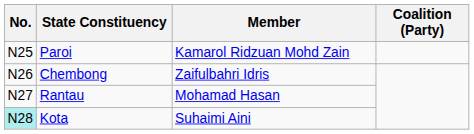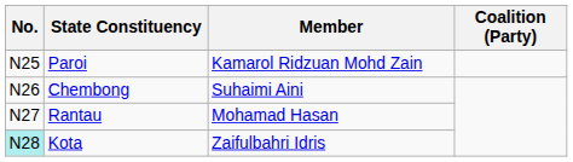 <table class="wikitable">
 <tr>
 <th width="30">No.</th>
 <th width="150">State Constituency</th>
 <th width="230">Member</th>
 <th width="100">Coalition (Party)</th>
 </tr>
 <tr>
 <td>N25</td>
 <td><a href='#'>Paroi</a></td>
 <td><a href='#'>Kamarol Ridzuan Mohd Zain</a></td>
 <td></td>
 </tr>
 <tr>
 <td>N26</td>
 <td><a href='#'>Chembong</a></td>
-<td><a href='#'>Zaifulbahri Idris</a></td>
+<td><a href='#'>Suhaimi Aini</a></td>
 <td rowspan=3></td>
 </tr>
 <tr>
 <td>N27</td>
 <td><a href='#'>Rantau</a></td>
 <td><a href='#'>Mohamad Hasan</a></td>
 </tr>
 <tr>
 <td style="background: paleturquoise;">N28</td>
 <td><a href='#'>Kota</a></td>
-<td><a href='#'>Suhaimi Aini</a></td>
+<td><a href='#'>Zaifulbahri Idris</a></td>
 </tr>
 </table>
